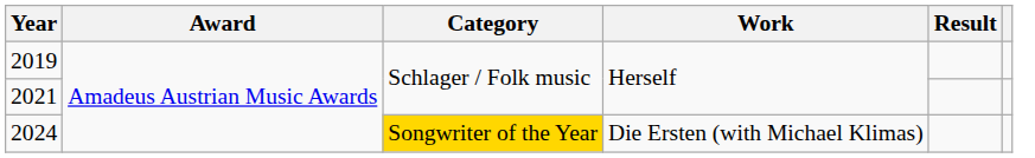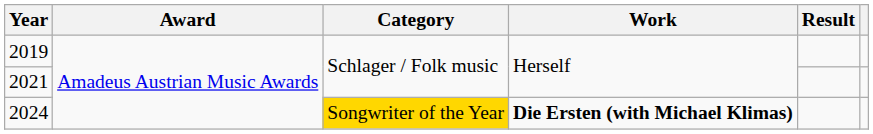 <table class="wikitable">
 <tr>
 <th scope="col">Year</th>
 <th scope="col">Award</th>
 <th>Category</th>
 <th scope="col">Work</th>
 <th scope="col">Result</th>
 <th scope="col" class="unsortable"></th>
 </tr>
 <tr>
 <td>2019</td>
 <td rowspan=3><a href='#'>Amadeus Austrian Music Awards</a></td>
 <td rowspan=2>Schlager / Folk music</td>
 <td rowspan=2>Herself</td>
 <td></td>
 <td></td>
 </tr>
 <tr>
 <td>2021</td>
 <td></td>
 <td></td>
 </tr>
 <tr>
 <td>2024</td>
 <td style="background: gold;">Songwriter of the Year</td>
-<td>Die Ersten (with Michael Klimas)</td>
+<td><strong>Die Ersten (with Michael Klimas)</strong></td>
 <td></td>
 <td></td>
 </tr>
 </table>
